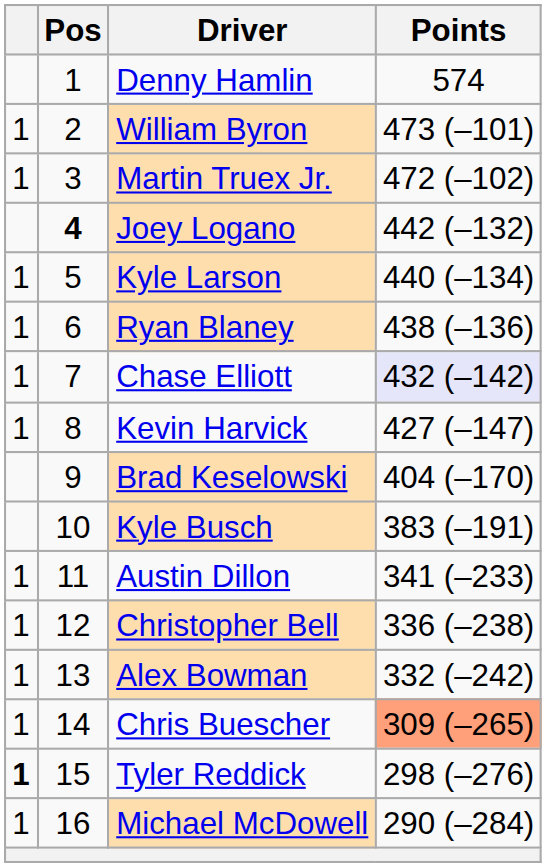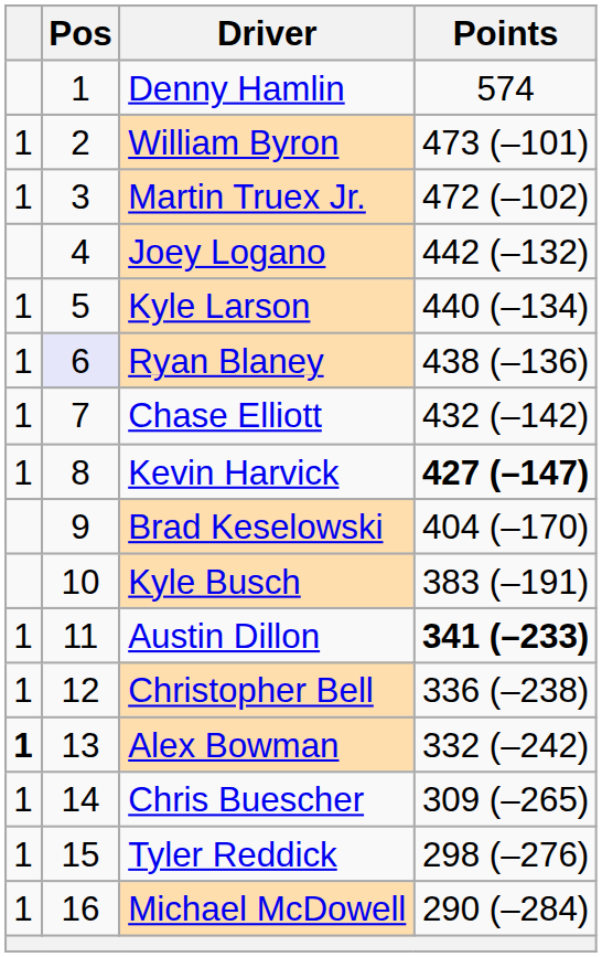 <table class="wikitable" style="font-size: 95%">
 <tr>
 <th></th>
 <th>Pos</th>
 <th>Driver</th>
 <th>Points</th>
 </tr>
 <tr>
 <td align="left"></td>
 <td style="text-align:center;">1</td>
 <td><a href='#'>Denny Hamlin</a></td>
 <td style="text-align:center;">574</td>
 </tr>
 <tr>
 <td align="left"> 1</td>
 <td style="text-align:center;">2</td>
 <td style="background:#FFDEAD;"><a href='#'>William Byron</a></td>
 <td style="text-align:center;">473 (–101)</td>
 </tr>
 <tr>
 <td align="left"> 1</td>
 <td style="text-align:center;">3</td>
 <td style="background:#FFDEAD;"><a href='#'>Martin Truex Jr.</a></td>
 <td style="text-align:center;">472 (–102)</td>
 </tr>
 <tr>
 <td align="left"></td>
-<td style="text-align:center;"><strong>4</strong></td>
+<td style="text-align:center;">4</td>
 <td style="background:#FFDEAD;"><a href='#'>Joey Logano</a></td>
 <td style="text-align:center;">442 (–132)</td>
 </tr>
 <tr>
 <td align="left"> 1</td>
 <td style="text-align:center;">5</td>
 <td style="background:#FFDEAD;"><a href='#'>Kyle Larson</a></td>
 <td style="text-align:center;">440 (–134)</td>
 </tr>
 <tr>
 <td align="left"> 1</td>
-<td style="text-align:center;">6</td>
+<td style="background: lavender; text-align:center;">6</td>
 <td style="background:#FFDEAD;"><a href='#'>Ryan Blaney</a></td>
 <td style="text-align:center;">438 (–136)</td>
 </tr>
 <tr>
 <td align="left"> 1</td>
 <td style="text-align:center;">7</td>
 <td><a href='#'>Chase Elliott</a></td>
-<td style="background: lavender; text-align:center;">432 (–142)</td>
+<td style="text-align:center;">432 (–142)</td>
 </tr>
 <tr>
 <td align="left"> 1</td>
 <td style="text-align:center;">8</td>
 <td><a href='#'>Kevin Harvick</a></td>
-<td style="text-align:center;">427 (–147)</td>
+<td style="text-align:center;"><strong>427 (–147)</strong></td>
 </tr>
 <tr>
 <td align="left"></td>
 <td style="text-align:center;">9</td>
 <td style="background:#FFDEAD;"><a href='#'>Brad Keselowski</a></td>
 <td style="text-align:center;">404 (–170)</td>
 </tr>
 <tr>
 <td align="left"></td>
 <td style="text-align:center;">10</td>
 <td style="background:#FFDEAD;"><a href='#'>Kyle Busch</a></td>
 <td style="text-align:center;">383 (–191)</td>
 </tr>
 <tr>
 <td align="left"> 1</td>
 <td style="text-align:center;">11</td>
 <td><a href='#'>Austin Dillon</a></td>
-<td style="text-align:center;">341 (–233)</td>
+<td style="text-align:center;"><strong>341 (–233)</strong></td>
 </tr>
 <tr>
 <td align="left"> 1</td>
 <td style="text-align:center;">12</td>
 <td style="background:#FFDEAD;"><a href='#'>Christopher Bell</a></td>
 <td style="text-align:center;">336 (–238)</td>
 </tr>
 <tr>
-<td align="left"> 1</td>
+<td align="left"><strong> 1</strong></td>
 <td style="text-align:center;">13</td>
 <td style="background:#FFDEAD;"><a href='#'>Alex Bowman</a></td>
 <td style="text-align:center;">332 (–242)</td>
 </tr>
 <tr>
 <td align="left"> 1</td>
 <td style="text-align:center;">14</td>
 <td><a href='#'>Chris Buescher</a></td>
-<td style="background: lightsalmon; text-align:center;">309 (–265)</td>
+<td style="text-align:center;">309 (–265)</td>
 </tr>
 <tr>
-<td align="left"><strong> 1</strong></td>
+<td align="left"> 1</td>
 <td style="text-align:center;">15</td>
 <td><a href='#'>Tyler Reddick</a></td>
 <td style="text-align:center;">298 (–276)</td>
 </tr>
 <tr>
 <td align="left"> 1</td>
 <td style="text-align:center;">16</td>
 <td style="background:#FFDEAD;"><a href='#'>Michael McDowell</a></td>
 <td style="text-align:center;">290 (–284)</td>
 </tr>
 <tr class="sortbottom">
 <th colspan="9"></th>
 </tr>
 </table>
